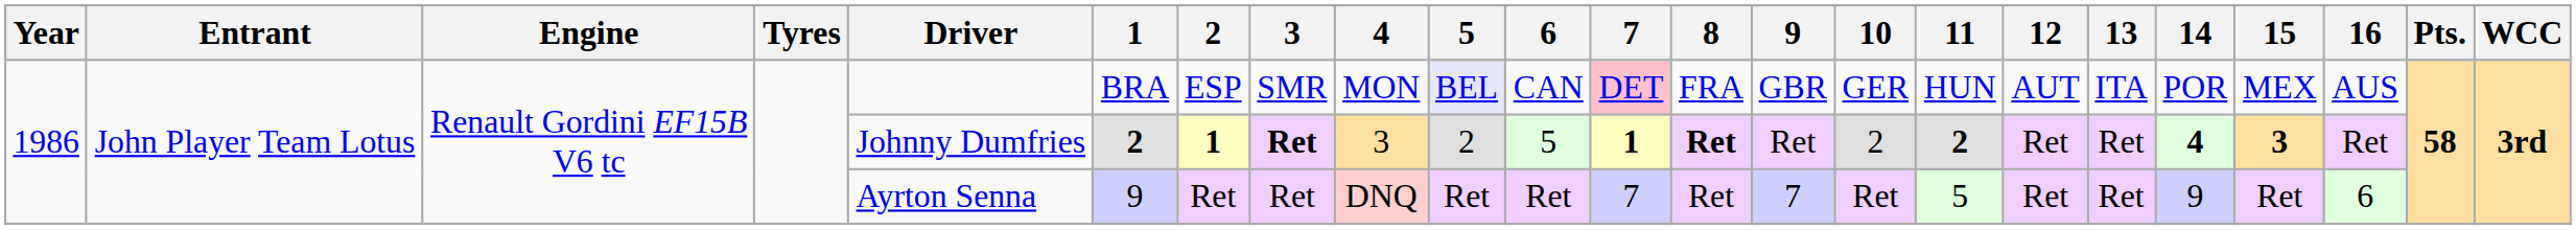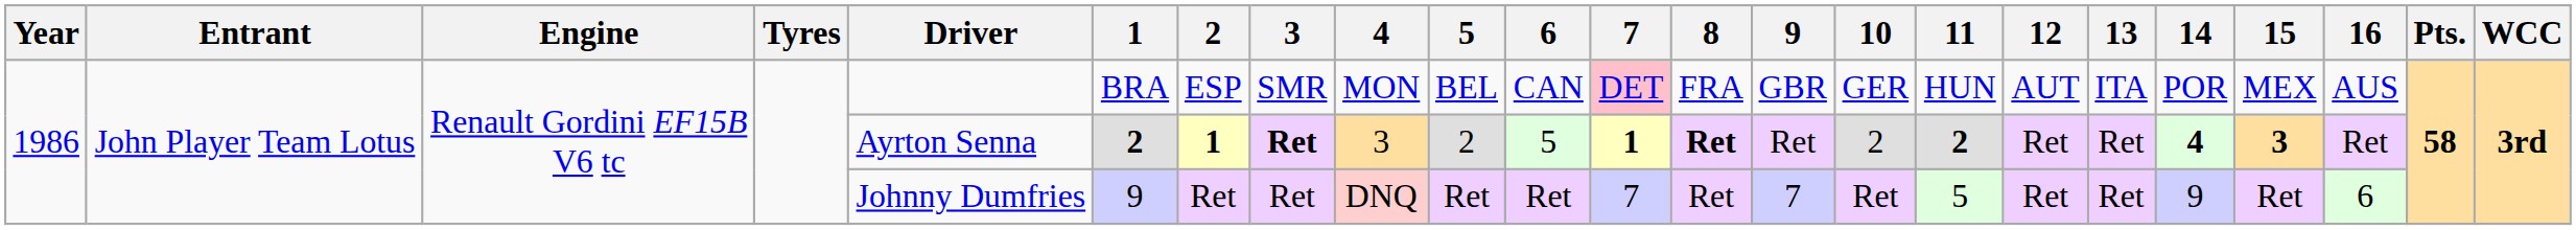 <table class="wikitable" style="text-align:center; font-size:95%">
 <tr>
 <th>Year</th>
 <th>Entrant</th>
 <th>Engine</th>
 <th>Tyres</th>
 <th>Driver</th>
 <th>1</th>
 <th>2</th>
 <th>3</th>
 <th>4</th>
 <th>5</th>
 <th>6</th>
 <th>7</th>
 <th>8</th>
 <th>9</th>
 <th>10</th>
 <th>11</th>
 <th>12</th>
 <th>13</th>
 <th>14</th>
 <th>15</th>
 <th>16</th>
 <th>Pts.</th>
 <th>WCC</th>
 </tr>
 <tr>
 <td rowspan="3"><a href='#'>1986</a></td>
 <td rowspan="3"><a href='#'>John Player</a> <a href='#'>Team Lotus</a></td>
 <td rowspan="3"><a href='#'>Renault Gordini</a> <em><a href='#'>EF15B</a></em><br><a href='#'>V6</a> <a href='#'>tc</a></td>
 <td rowspan="3"></td>
 <td></td>
 <td><a href='#'>BRA</a></td>
 <td><a href='#'>ESP</a></td>
 <td><a href='#'>SMR</a></td>
 <td><a href='#'>MON</a></td>
-<td style="background: lavender;"><a href='#'>BEL</a></td>
+<td><a href='#'>BEL</a></td>
 <td><a href='#'>CAN</a></td>
 <td style="background: pink;"><a href='#'>DET</a></td>
 <td><a href='#'>FRA</a></td>
 <td><a href='#'>GBR</a></td>
 <td><a href='#'>GER</a></td>
 <td><a href='#'>HUN</a></td>
 <td><a href='#'>AUT</a></td>
 <td><a href='#'>ITA</a></td>
 <td><a href='#'>POR</a></td>
 <td><a href='#'>MEX</a></td>
 <td><a href='#'>AUS</a></td>
 <th rowspan="3" style="background:#ffdf9f;">58</th>
 <th rowspan="3" style="background:#ffdf9f;">3rd</th>
 </tr>
 <tr>
-<td align="left"><a href='#'>Johnny Dumfries</a></td>
+<td align="left"><a href='#'>Ayrton Senna</a></td>
 <td style="background:#DFDFDF;"><strong>2</strong></td>
 <td style="background:#FFFFBF;"><strong>1</strong></td>
 <td style="background:#EFCFFF;"><strong>Ret</strong></td>
 <td style="background:#FFDF9F;">3</td>
 <td style="background:#DFDFDF;">2</td>
 <td style="background:#DFFFDF;">5</td>
 <td style="background:#FFFFBF;"><strong>1</strong></td>
 <td style="background:#EFCFFF;"><strong>Ret</strong></td>
 <td style="background:#EFCFFF;">Ret</td>
 <td style="background:#DFDFDF;">2</td>
 <td style="background:#DFDFDF;"><strong>2</strong></td>
 <td style="background:#EFCFFF;">Ret</td>
 <td style="background:#EFCFFF;">Ret</td>
 <td style="background:#DFFFDF;"><strong>4</strong></td>
 <td style="background:#FFDF9F;"><strong>3</strong></td>
 <td style="background:#EFCFFF;">Ret</td>
 </tr>
 <tr>
-<td align="left"><a href='#'>Ayrton Senna</a></td>
+<td align="left"><a href='#'>Johnny Dumfries</a></td>
 <td style="background:#CFCFFF;">9</td>
 <td style="background:#EFCFFF;">Ret</td>
 <td style="background:#EFCFFF;">Ret</td>
 <td style="background:#FFCFCF;">DNQ</td>
 <td style="background:#EFCFFF;">Ret</td>
 <td style="background:#EFCFFF;">Ret</td>
 <td style="background:#CFCFFF;">7</td>
 <td style="background:#EFCFFF;">Ret</td>
 <td style="background:#CFCFFF;">7</td>
 <td style="background:#EFCFFF;">Ret</td>
 <td style="background:#DFFFDF;">5</td>
 <td style="background:#EFCFFF;">Ret</td>
 <td style="background:#EFCFFF;">Ret</td>
 <td style="background:#CFCFFF;">9</td>
 <td style="background:#EFCFFF;">Ret</td>
 <td style="background:#DFFFDF;">6</td>
 </tr>
 </table>
